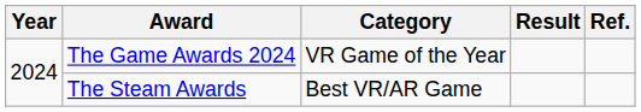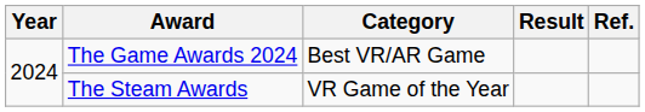 <table class="wikitable mw-collapsible">
 <tr>
 <th scope="col">Year</th>
 <th scope="col">Award</th>
 <th scope="col">Category</th>
 <th scope="col">Result</th>
 <th scope="col" class="unsortable">Ref.</th>
 </tr>
 <tr>
 <td rowspan="2" style="text-align:center;">2024</td>
 <td><a href='#'>The Game Awards 2024</a></td>
-<td>VR Game of the Year</td>
+<td>Best VR/AR Game</td>
 <td></td>
 <td rowspan="1" style="text-align:center;"></td>
 </tr>
 <tr>
 <td><a href='#'>The Steam Awards</a></td>
-<td>Best VR/AR Game</td>
+<td>VR Game of the Year</td>
 <td></td>
 <td rowspan="1" style="text-align:center;"></td>
 </tr>
 </table>
